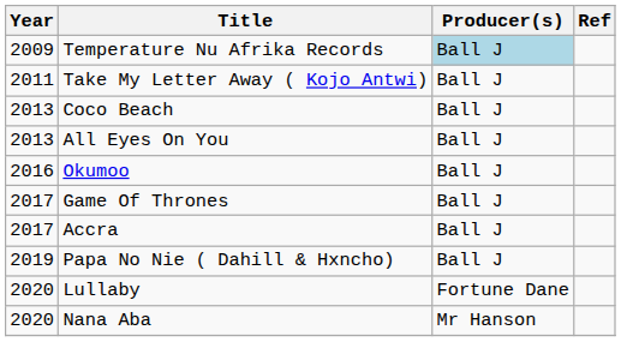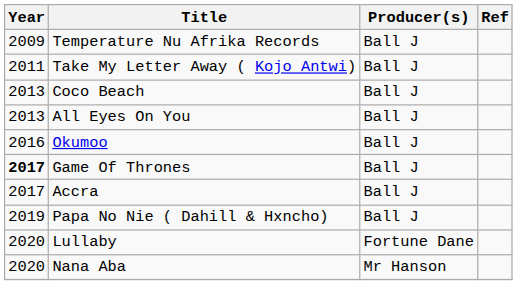 <table class="wikitable">
 <tr>
 <th>Year</th>
 <th>Title</th>
 <th>Producer(s)</th>
 <th>Ref</th>
 </tr>
 <tr>
 <td>2009</td>
 <td>Temperature  Nu Afrika Records</td>
-<td style="background: lightblue;">Ball J</td>
+<td>Ball J</td>
 <td></td>
 </tr>
 <tr>
 <td>2011</td>
 <td>Take My Letter Away ( <a href='#'>Kojo Antwi</a>)</td>
 <td>Ball J</td>
 <td></td>
 </tr>
 <tr>
 <td>2013</td>
 <td>Coco Beach</td>
 <td>Ball J</td>
 <td></td>
 </tr>
 <tr>
 <td>2013</td>
 <td>All Eyes On You</td>
 <td>Ball J</td>
 <td></td>
 </tr>
 <tr>
 <td>2016</td>
 <td><a href='#'>Okumoo</a></td>
 <td>Ball J</td>
 <td></td>
 </tr>
 <tr>
-<td>2017</td>
+<td><strong>2017</strong></td>
 <td>Game Of Thrones</td>
 <td>Ball J</td>
 <td></td>
 </tr>
 <tr>
 <td>2017</td>
 <td>Accra</td>
 <td>Ball J</td>
 <td></td>
 </tr>
 <tr>
 <td>2019</td>
 <td>Papa No Nie ( Dahill & Hxncho)</td>
 <td>Ball J</td>
 <td></td>
 </tr>
 <tr>
 <td>2020</td>
 <td>Lullaby</td>
 <td>Fortune Dane</td>
 <td></td>
 </tr>
 <tr>
 <td>2020</td>
 <td>Nana Aba</td>
 <td>Mr Hanson</td>
 <td></td>
 </tr>
 <tr>
 </tr>
 </table>
